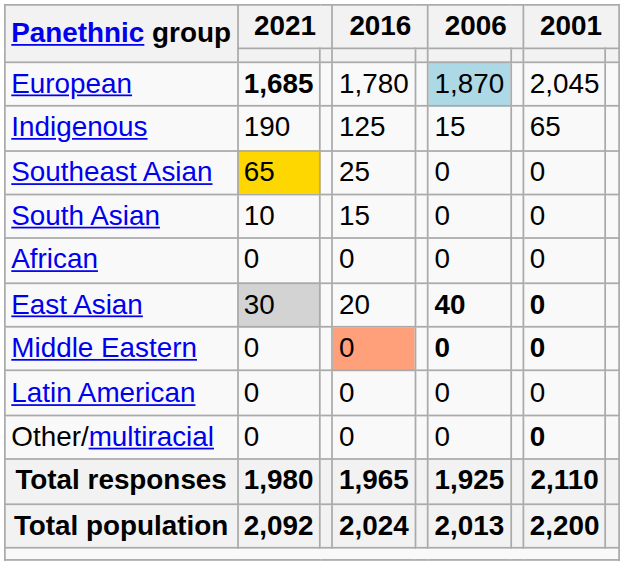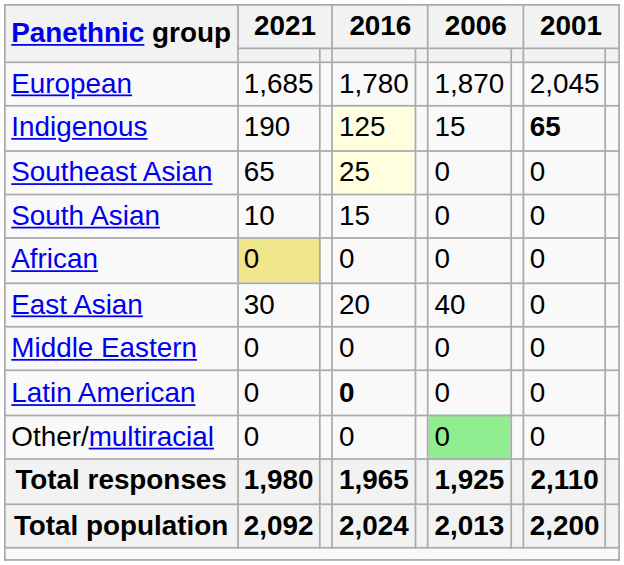 <table class="wikitable collapsible sortable">
 <tr>
 <th rowspan="2"><a href='#'>Panethnic</a> group</th>
 <th colspan="2">2021</th>
 <th colspan="2">2016</th>
 <th colspan="2">2006</th>
 <th colspan="2">2001</th>
 </tr>
 <tr>
 <th><a href='#'></a></th>
 <th></th>
 <th></th>
 <th></th>
 <th></th>
 <th></th>
 <th></th>
 <th></th>
 </tr>
 <tr>
 <td><a href='#'>European</a></td>
-<td><strong>1,685</strong></td>
+<td>1,685</td>
 <td></td>
 <td>1,780</td>
 <td></td>
-<td style="background: lightblue;">1,870</td>
+<td>1,870</td>
 <td></td>
 <td>2,045</td>
 <td></td>
 </tr>
 <tr>
 <td><a href='#'>Indigenous</a></td>
 <td>190</td>
 <td></td>
-<td>125</td>
+<td style="background: lightyellow;">125</td>
 <td></td>
 <td>15</td>
 <td></td>
-<td>65</td>
+<td><strong>65</strong></td>
 <td></td>
 </tr>
 <tr>
 <td><a href='#'>Southeast Asian</a></td>
-<td style="background: gold;">65</td>
+<td>65</td>
 <td></td>
-<td>25</td>
+<td style="background: lightyellow;">25</td>
 <td></td>
 <td>0</td>
 <td></td>
 <td>0</td>
 <td></td>
 </tr>
 <tr>
 <td><a href='#'>South Asian</a></td>
 <td>10</td>
 <td></td>
 <td>15</td>
 <td></td>
 <td>0</td>
 <td></td>
 <td>0</td>
 <td></td>
 </tr>
 <tr>
 <td><a href='#'>African</a></td>
+<td style="background: khaki;">0</td>
+<td></td>
+<td>0</td>
+<td></td>
+<td>0</td>
+<td></td>
+<td>0</td>
+<td></td>
+</tr>
+<tr>
+<td><a href='#'>East Asian</a></td>
+<td>30</td>
+<td></td>
+<td>20</td>
+<td></td>
+<td>40</td>
+<td></td>
+<td>0</td>
+<td></td>
+</tr>
+<tr>
+<td><a href='#'>Middle Eastern</a></td>
 <td>0</td>
 <td></td>
 <td>0</td>
 <td></td>
 <td>0</td>
 <td></td>
 <td>0</td>
 <td></td>
 </tr>
 <tr>
-<td><a href='#'>East Asian</a></td>
-<td style="background: lightgrey;">30</td>
-<td></td>
-<td>20</td>
-<td></td>
-<td><strong>40</strong></td>
-<td></td>
-<td><strong>0</strong></td>
-<td></td>
-</tr>
-<tr>
-<td><a href='#'>Middle Eastern</a></td>
-<td>0</td>
-<td></td>
-<td style="background: lightsalmon;">0</td>
-<td></td>
-<td><strong>0</strong></td>
-<td></td>
-<td><strong>0</strong></td>
-<td></td>
-</tr>
-<tr>
 <td><a href='#'>Latin American</a></td>
 <td>0</td>
 <td></td>
-<td>0</td>
+<td><strong>0</strong></td>
 <td></td>
 <td>0</td>
 <td></td>
 <td>0</td>
 <td></td>
 </tr>
 <tr>
 <td>Other/<a href='#'>multiracial</a></td>
 <td>0</td>
 <td></td>
 <td>0</td>
 <td></td>
+<td style="background: lightgreen;">0</td>
+<td></td>
 <td>0</td>
-<td></td>
-<td><strong>0</strong></td>
 <td></td>
 </tr>
 <tr>
 <th>Total responses</th>
 <th>1,980</th>
 <th></th>
 <th>1,965</th>
 <th></th>
 <th>1,925</th>
 <th></th>
 <th>2,110</th>
 <th></th>
 </tr>
 <tr class="sortbottom">
 <th>Total population</th>
 <th>2,092</th>
 <th></th>
 <th>2,024</th>
 <th></th>
 <th>2,013</th>
 <th></th>
 <th>2,200</th>
 <th></th>
 </tr>
 <tr class="sortbottom">
 <td colspan="9"></td>
 </tr>
 </table>
